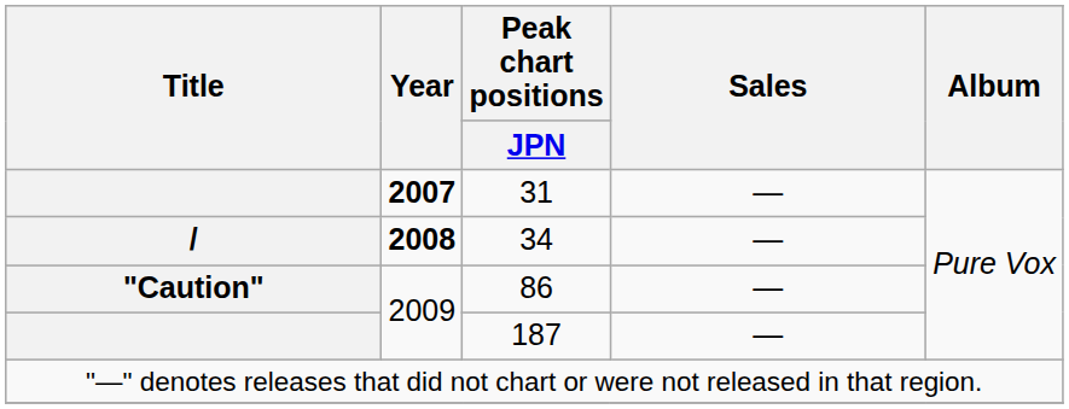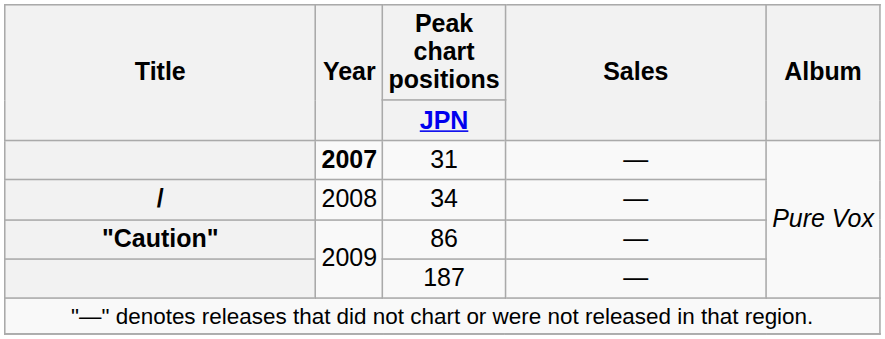 <table class="wikitable plainrowheaders" style="text-align:center;">
 <tr>
 <th rowspan="2" style="width:12em;">Title</th>
 <th rowspan="2">Year</th>
 <th colspan="1">Peak chart positions</th>
 <th rowspan="2" style="width:10em;">Sales</th>
 <th rowspan="2">Album</th>
 </tr>
 <tr>
 <th width="30"><a href='#'>JPN</a></th>
 </tr>
 <tr>
 <th scope="row"></th>
 <td><strong>2007</strong></td>
 <td>31</td>
 <td>—</td>
 <td rowspan="4"><em>Pure Vox</em></td>
 </tr>
 <tr>
 <th scope="row"> / </th>
-<td><strong>2008</strong></td>
+<td>2008</td>
 <td>34</td>
 <td>—</td>
 </tr>
 <tr>
 <th scope="row">"Caution"</th>
 <td rowspan="2">2009</td>
 <td>86</td>
 <td>—</td>
 </tr>
 <tr>
 <th scope="row"></th>
 <td>187</td>
 <td>—</td>
 </tr>
 <tr>
 <td colspan="5" style="font-size:90%;">"—" denotes releases that did not chart or were not released in that region.</td>
 </tr>
 <tr>
 </tr>
 </table>
